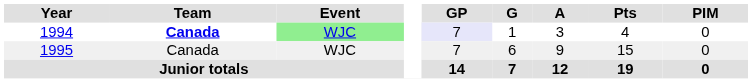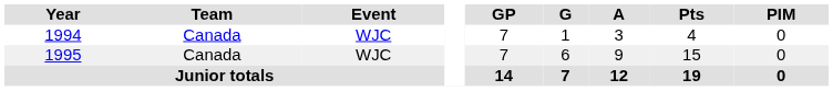 <table border="0" cellpadding="1" cellspacing="0" style="text-align:center; width:50em">
 <tr ALIGN="center" bgcolor="#e0e0e0">
 <th>Year</th>
 <th>Team</th>
 <th>Event</th>
 <th ALIGN="center" rowspan="99" bgcolor="#ffffff"> </th>
 <th>GP</th>
 <th>G</th>
 <th>A</th>
 <th>Pts</th>
 <th>PIM</th>
 </tr>
 <tr>
 <td><a href='#'>1994</a></td>
-<td><strong><a href='#'>Canada</a></strong></td>
-<td style="background: lightgreen;"><a href='#'>WJC</a></td>
-<td style="background: lavender;">7</td>
+<td><a href='#'>Canada</a></td>
+<td><a href='#'>WJC</a></td>
+<td>7</td>
 <td>1</td>
 <td>3</td>
 <td>4</td>
 <td>0</td>
 </tr>
 <tr bgcolor="#f0f0f0">
 <td><a href='#'>1995</a></td>
 <td>Canada</td>
 <td>WJC</td>
 <td>7</td>
 <td>6</td>
 <td>9</td>
 <td>15</td>
 <td>0</td>
 </tr>
 <tr bgcolor="#e0e0e0">
 <th colspan=3>Junior totals</th>
 <th>14</th>
 <th>7</th>
 <th>12</th>
 <th>19</th>
 <th>0</th>
 </tr>
 </table>
